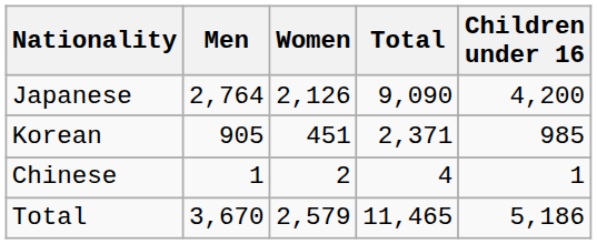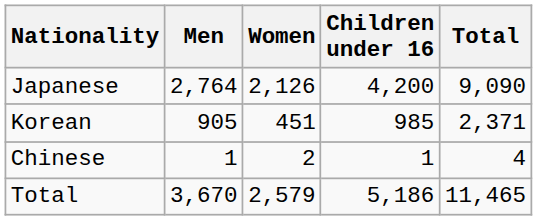 <table class="wikitable" style="float:right;">
 <tr>
 <th>Nationality</th>
 <th>Men</th>
 <th>Women</th>
+<th>Children<br>under 16</th>
 <th>Total</th>
-<th>Children<br>under 16</th>
 </tr>
 <tr>
 <td>Japanese</td>
 <td style="text-align:right;">2,764</td>
 <td style="text-align:right;">2,126</td>
+<td style="text-align:right;">4,200</td>
 <td style="text-align:right;">9,090</td>
-<td style="text-align:right;">4,200</td>
 </tr>
 <tr>
 <td>Korean</td>
 <td style="text-align:right;">905</td>
 <td style="text-align:right;">451</td>
+<td style="text-align:right;">985</td>
 <td style="text-align:right;">2,371</td>
-<td style="text-align:right;">985</td>
 </tr>
 <tr>
 <td>Chinese</td>
 <td style="text-align:right;">1</td>
 <td style="text-align:right;">2</td>
+<td style="text-align:right;">1</td>
 <td style="text-align:right;">4</td>
-<td style="text-align:right;">1</td>
 </tr>
 <tr>
 <td>Total</td>
 <td style="text-align:right;">3,670</td>
 <td style="text-align:right;">2,579</td>
+<td style="text-align:right;">5,186</td>
 <td style="text-align:right;">11,465</td>
-<td style="text-align:right;">5,186</td>
 </tr>
 </table>
